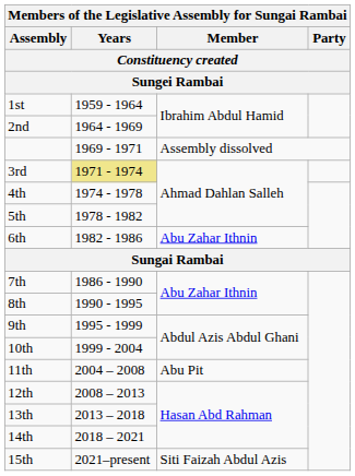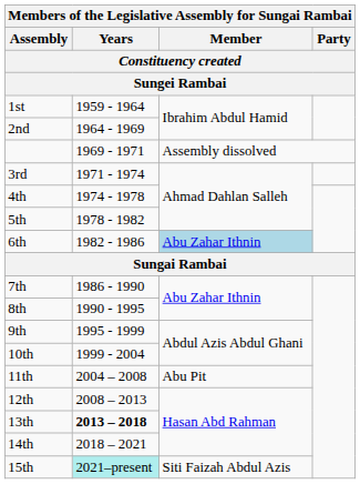 <table class="wikitable">
 <tr>
 <th colspan="4">Members of the Legislative Assembly for Sungai Rambai</th>
 </tr>
 <tr>
 <th>Assembly</th>
 <th>Years</th>
 <th>Member</th>
 <th>Party</th>
 </tr>
 <tr>
 <th colspan="4"><em>Constituency created</em></th>
 </tr>
 <tr>
 <th colspan="4">Sungei Rambai</th>
 </tr>
 <tr>
 <td>1st</td>
 <td>1959 - 1964</td>
 <td rowspan="2">Ibrahim Abdul Hamid</td>
 <td rowspan="2"></td>
 </tr>
 <tr>
 <td>2nd</td>
 <td>1964 - 1969</td>
 </tr>
 <tr>
 <td></td>
 <td>1969 - 1971</td>
 <td colspan="2">Assembly dissolved</td>
 </tr>
 <tr>
 <td>3rd</td>
-<td style="background: khaki;">1971 - 1974</td>
+<td>1971 - 1974</td>
 <td rowspan="3">Ahmad Dahlan Salleh</td>
 <td></td>
 </tr>
 <tr>
 <td>4th</td>
 <td>1974 - 1978</td>
 <td rowspan="3"></td>
 </tr>
 <tr>
 <td>5th</td>
 <td>1978 - 1982</td>
 </tr>
 <tr>
 <td>6th</td>
 <td>1982 - 1986</td>
-<td><a href='#'>Abu Zahar Ithnin</a></td>
+<td style="background: lightblue;"><a href='#'>Abu Zahar Ithnin</a></td>
 </tr>
 <tr>
 <th colspan="4">Sungai Rambai</th>
 </tr>
 <tr>
 <td>7th</td>
 <td>1986 - 1990</td>
 <td rowspan="2"><a href='#'>Abu Zahar Ithnin</a></td>
 <td rowspan="9"></td>
 </tr>
 <tr>
 <td>8th</td>
 <td>1990 - 1995</td>
 </tr>
 <tr>
 <td>9th</td>
 <td>1995 - 1999</td>
 <td rowspan="2">Abdul Azis Abdul Ghani</td>
 </tr>
 <tr>
 <td>10th</td>
 <td>1999 - 2004</td>
 </tr>
 <tr>
 <td>11th</td>
 <td>2004 – 2008</td>
 <td>Abu Pit</td>
 </tr>
 <tr>
 <td>12th</td>
 <td>2008 – 2013</td>
 <td rowspan="3"><a href='#'>Hasan Abd Rahman</a></td>
 </tr>
 <tr>
 <td>13th</td>
-<td>2013 – 2018</td>
+<td><strong>2013 – 2018</strong></td>
 </tr>
 <tr>
 <td>14th</td>
 <td>2018 – 2021</td>
 </tr>
 <tr>
 <td>15th</td>
-<td>2021–present</td>
+<td style="background: paleturquoise;">2021–present</td>
 <td>Siti Faizah Abdul Azis</td>
 </tr>
 </table>
